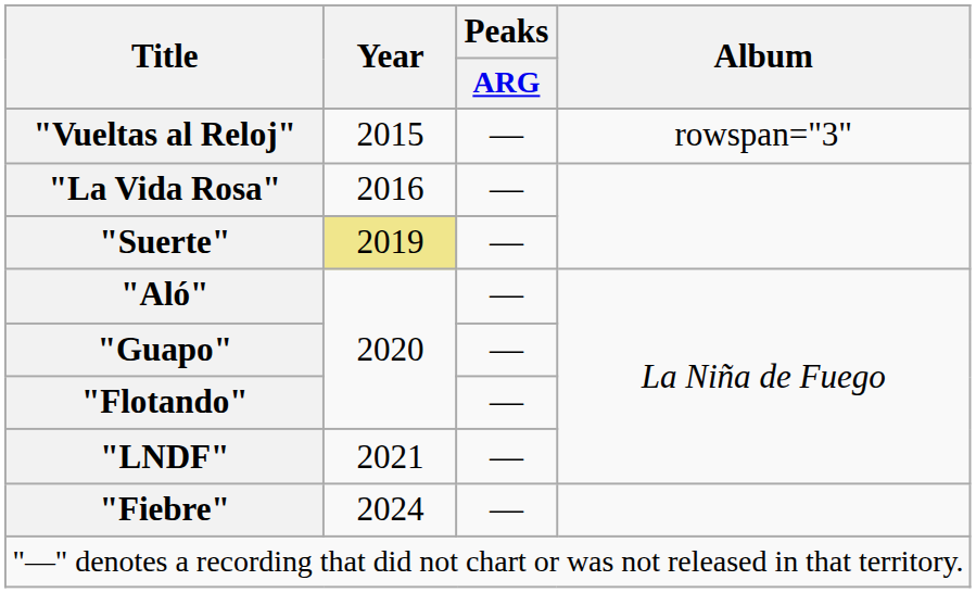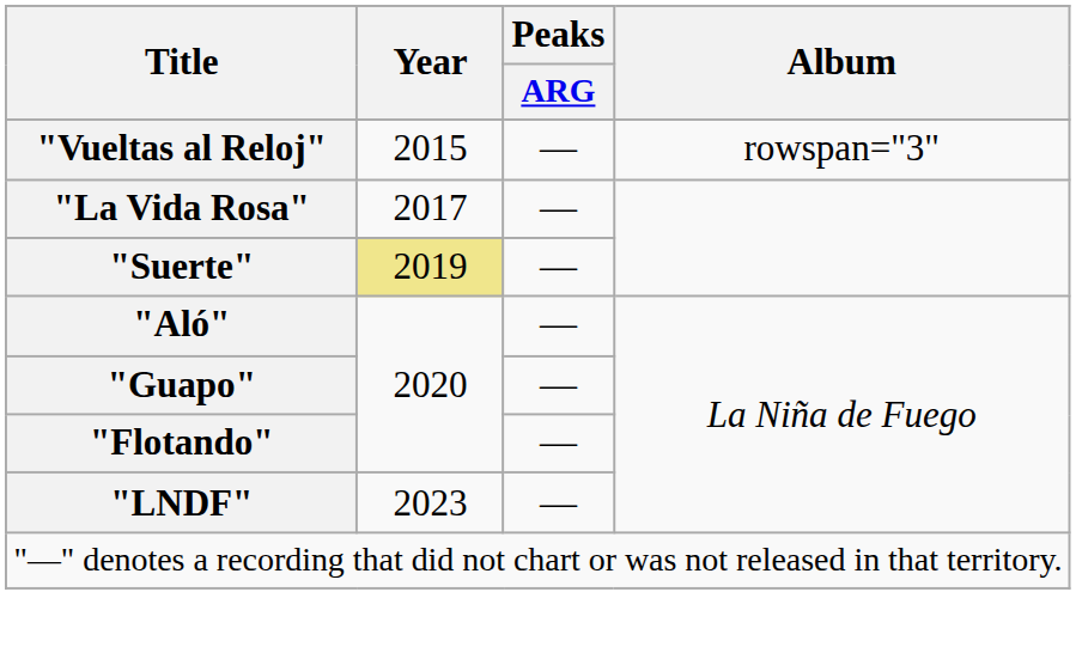 <table class="wikitable plainrowheaders" style="text-align:center">
 <tr>
 <th scope="col" rowspan="2" style="width:9em">Title</th>
 <th scope="col" rowspan="2">Year</th>
 <th scope="col">Peaks</th>
 <th scope="col" rowspan="2">Album</th>
 </tr>
 <tr>
 <th scope="col" style="width:2.5em;font-size:90%"><a href='#'>ARG</a></th>
 </tr>
 <tr>
 <th scope="row">"Vueltas al Reloj"</th>
 <td>2015</td>
 <td>—</td>
 <td>rowspan="3" </td>
 </tr>
 <tr>
 <th scope="row">"La Vida Rosa"</th>
-<td>2016</td>
+<td>2017</td>
 <td>—</td>
 </tr>
 <tr>
 <th scope="row">"Suerte"</th>
 <td style="background: khaki;">2019</td>
 <td>—</td>
 </tr>
 <tr>
 <th scope="row">"Aló"</th>
 <td rowspan="3">2020</td>
 <td>—</td>
 <td rowspan="4"><em>La Niña de Fuego</em></td>
 </tr>
 <tr>
 <th scope="row">"Guapo"</th>
 <td>—</td>
 </tr>
 <tr>
 <th scope="row">"Flotando"</th>
 <td>—</td>
 </tr>
 <tr>
 <th scope="row">"LNDF"</th>
-<td>2021</td>
+<td>2023</td>
 <td>—</td>
-</tr>
-<tr>
-<th scope="row">"Fiebre"</th>
-<td>2024</td>
-<td>—</td>
-<td></td>
 </tr>
 <tr>
 <td colspan="4" style="font-size:90%">"—" denotes a recording that did not chart or was not released in that territory.</td>
 </tr>
 </table>
